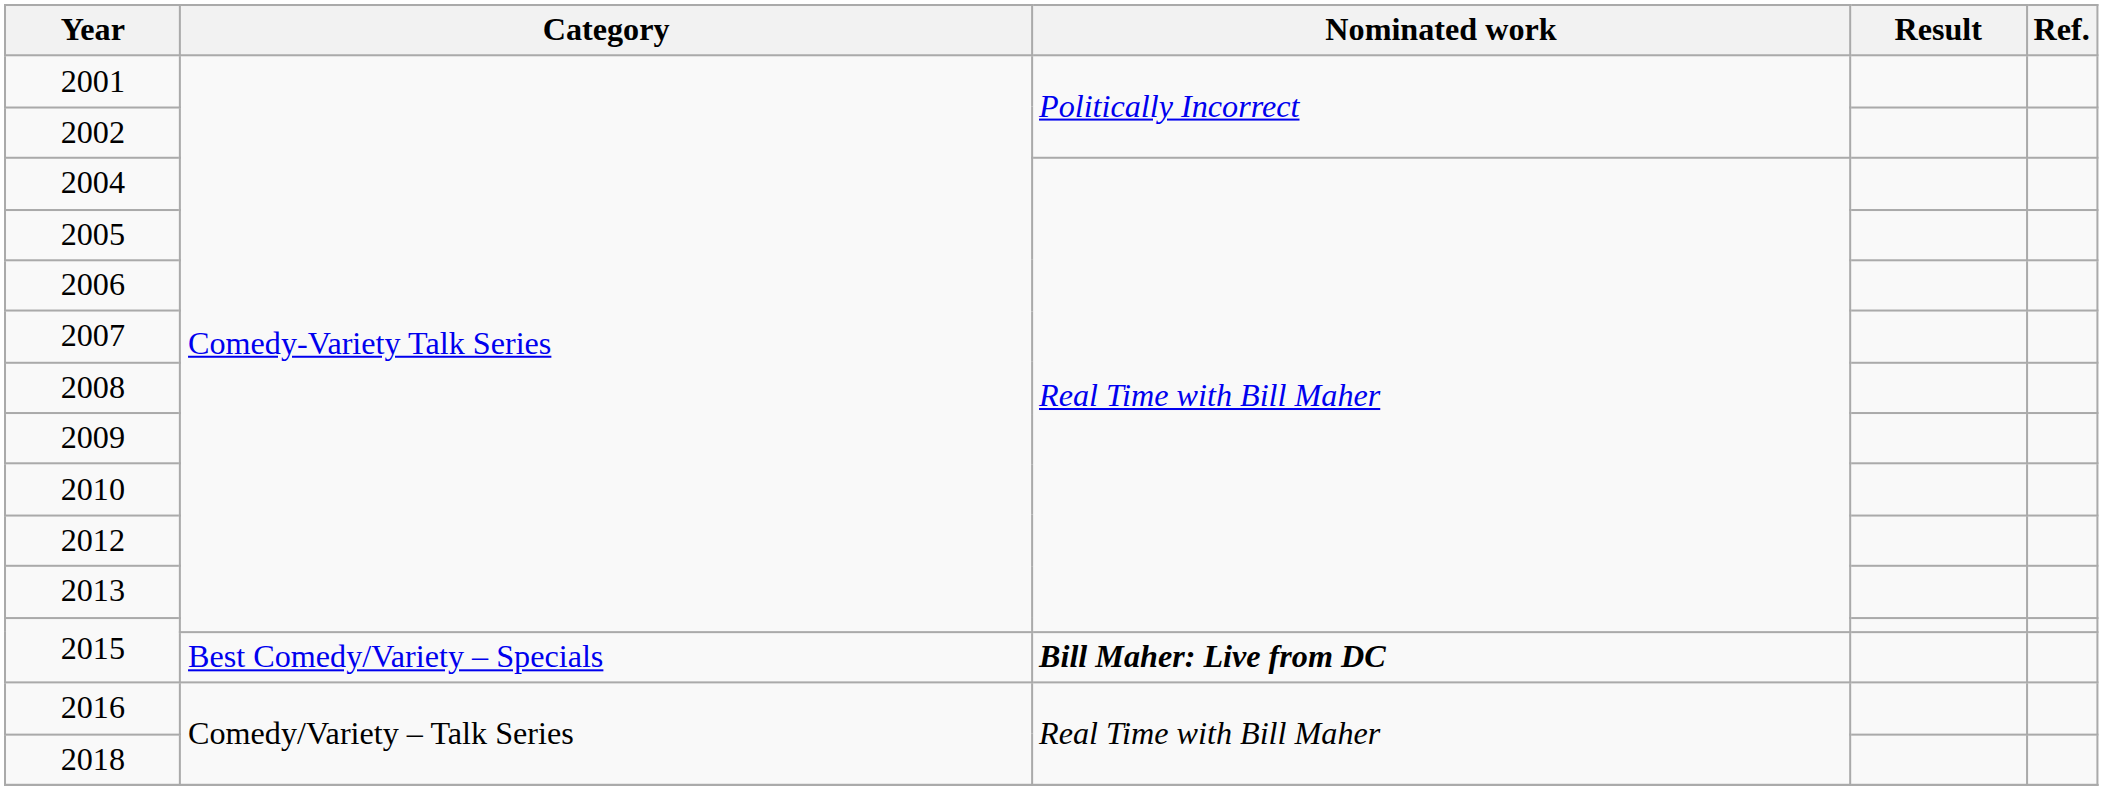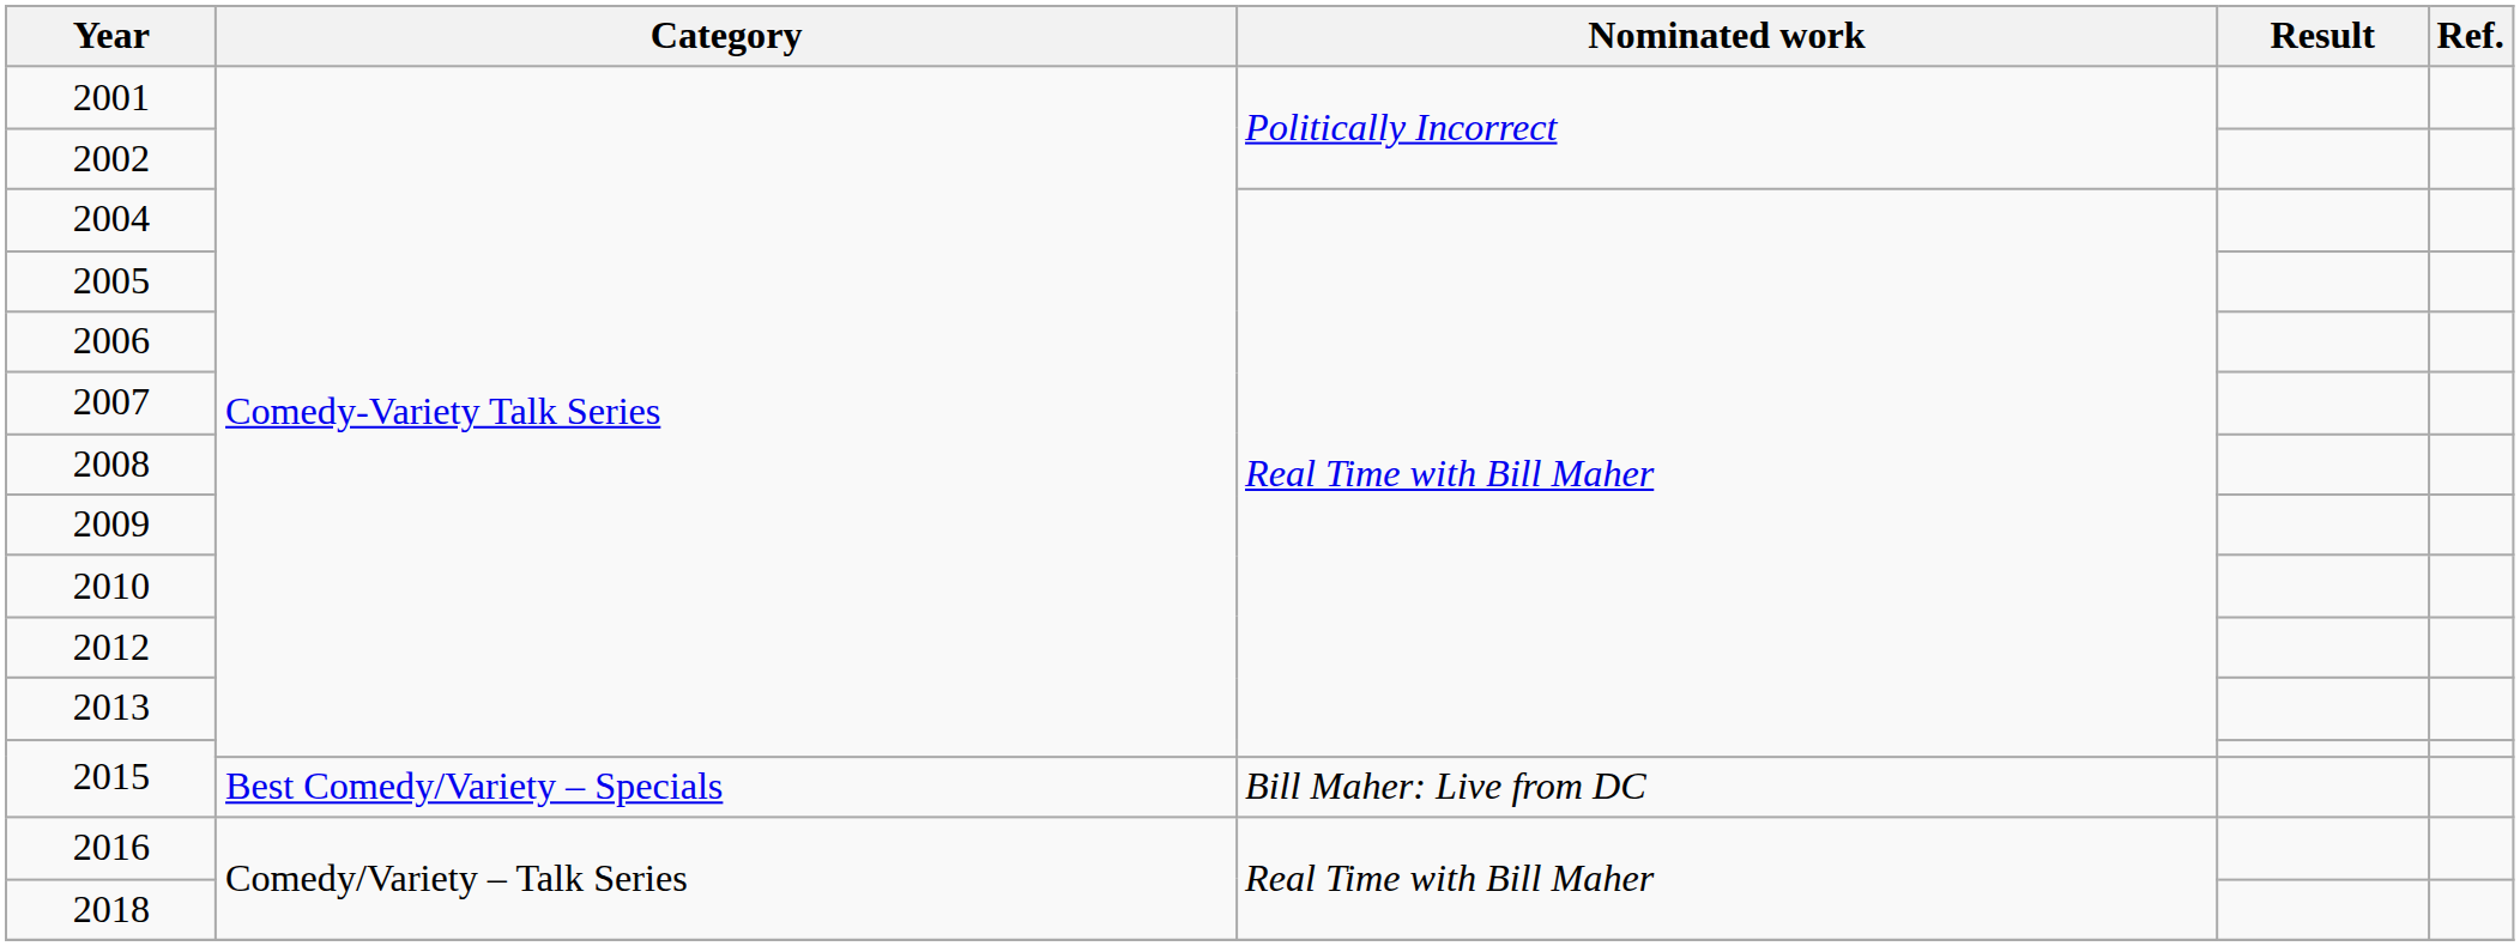 <table class=wikitable>
 <tr>
 <th scope="col" style="width:5em;">Year</th>
 <th scope="col" style="width:26em;">Category</th>
 <th scope="col" style="width:25em;">Nominated work</th>
 <th scope="col" style="width:5em;">Result</th>
 <th>Ref.</th>
 </tr>
 <tr>
 <td style="text-align:center;">2001</td>
 <td rowspan=12><a href='#'>Comedy-Variety Talk Series</a></td>
 <td rowspan=2><em><a href='#'>Politically Incorrect</a></em></td>
 <td></td>
 <td></td>
 </tr>
 <tr>
 <td style="text-align:center;">2002</td>
 <td></td>
 <td></td>
 </tr>
 <tr>
 <td style="text-align:center;">2004</td>
 <td rowspan=10><em><a href='#'>Real Time with Bill Maher</a></em></td>
 <td></td>
 <td></td>
 </tr>
 <tr>
 <td style="text-align:center;">2005</td>
 <td></td>
 <td></td>
 </tr>
 <tr>
 <td style="text-align:center;">2006</td>
 <td></td>
 <td></td>
 </tr>
 <tr>
 <td style="text-align:center;">2007</td>
 <td></td>
 <td></td>
 </tr>
 <tr>
 <td style="text-align:center;">2008</td>
 <td></td>
 <td></td>
 </tr>
 <tr>
 <td style="text-align:center;">2009</td>
 <td></td>
 <td></td>
 </tr>
 <tr>
 <td style="text-align:center;">2010</td>
 <td></td>
 <td></td>
 </tr>
 <tr>
 <td style="text-align:center;">2012</td>
 <td></td>
 <td></td>
 </tr>
 <tr>
 <td style="text-align:center;">2013</td>
 <td></td>
 <td></td>
 </tr>
 <tr>
 <td style="text-align:center;", rowspan=2>2015</td>
 <td></td>
 <td></td>
 </tr>
 <tr>
 <td><a href='#'>Best Comedy/Variety – Specials</a></td>
-<td><strong><em>Bill Maher: Live from DC</em></strong></td>
+<td><em>Bill Maher: Live from DC</em></td>
 <td></td>
 <td></td>
 </tr>
 <tr>
 <td style="text-align:center;">2016</td>
 <td rowspan=2>Comedy/Variety – Talk Series</td>
 <td rowspan=2><em>Real Time with Bill Maher</em></td>
 <td></td>
 <td></td>
 </tr>
 <tr>
 <td style="text-align:center;">2018</td>
 <td></td>
 <td></td>
 </tr>
 <tr>
 </tr>
 </table>
